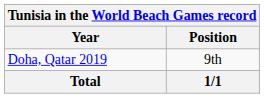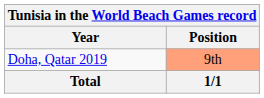 <table class="wikitable" style="text-align: center;">
 <tr>
 <th colspan=2>Tunisia in the <a href='#'>World Beach Games record</a></th>
 </tr>
 <tr>
 <th>Year</th>
 <th width="100">Position</th>
 </tr>
 <tr>
 <td align=left> <a href='#'>Doha, Qatar 2019</a></td>
-<td>9th</td>
+<td style="background: lightsalmon;">9th</td>
 </tr>
 <tr>
 <th>Total</th>
 <th>1/1</th>
 </tr>
 </table>
